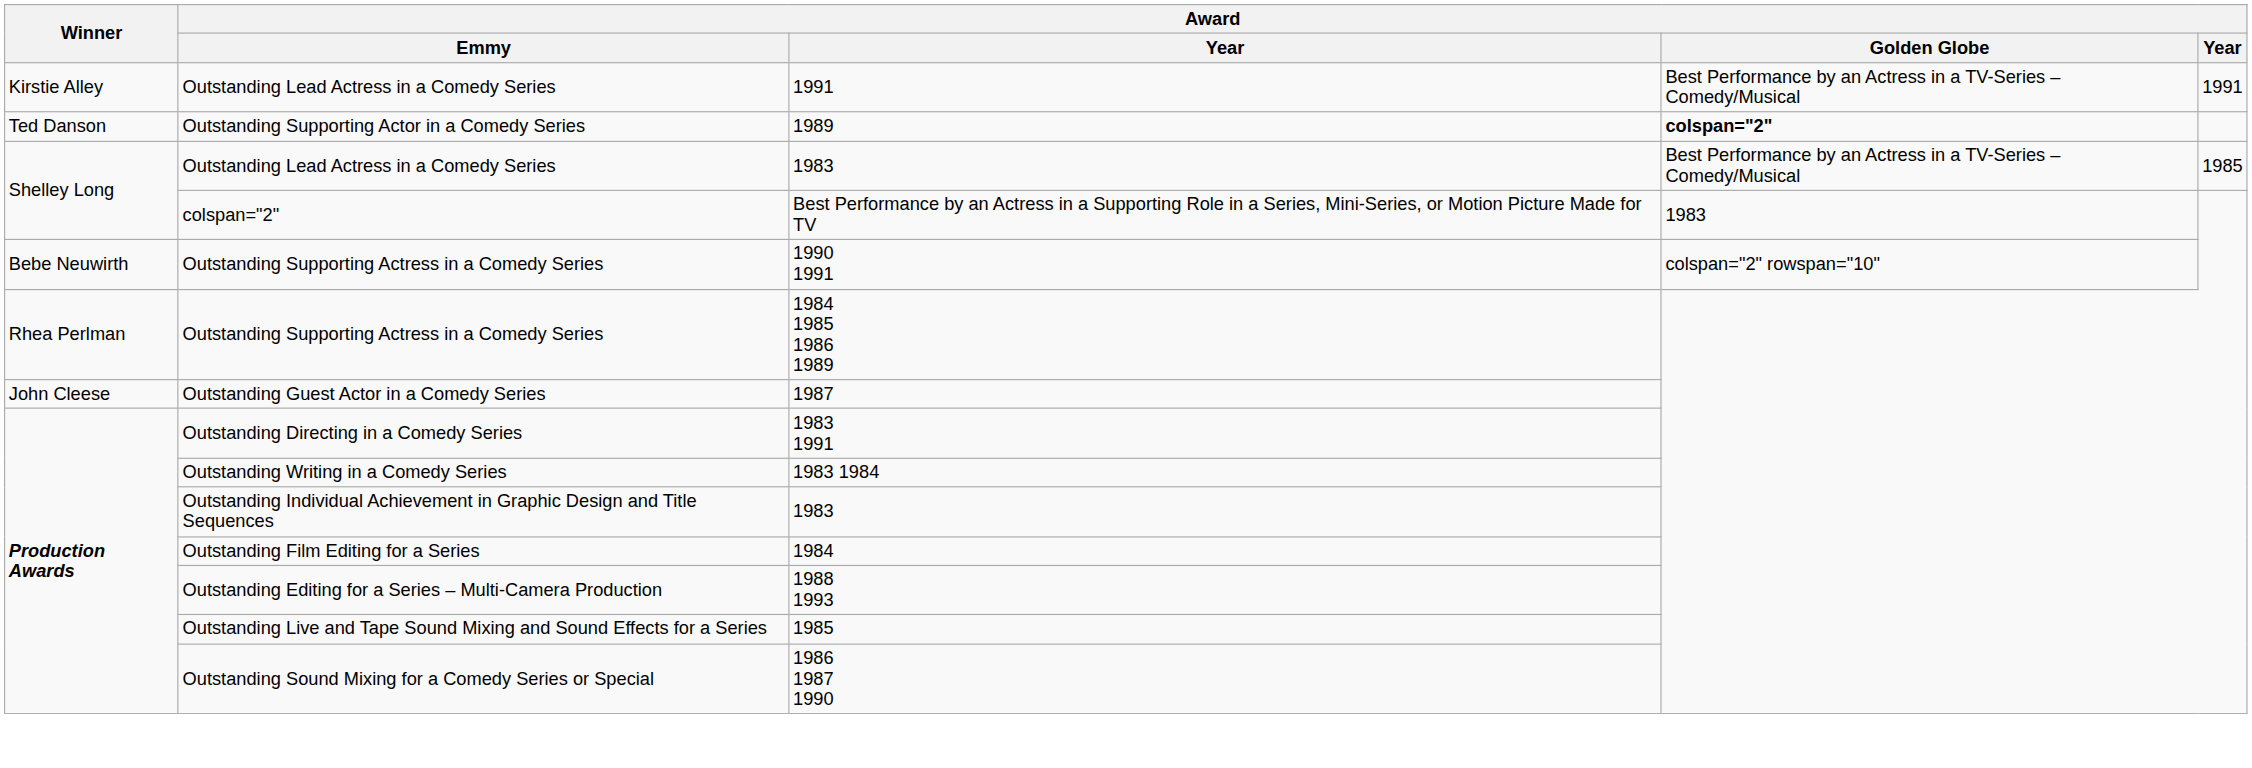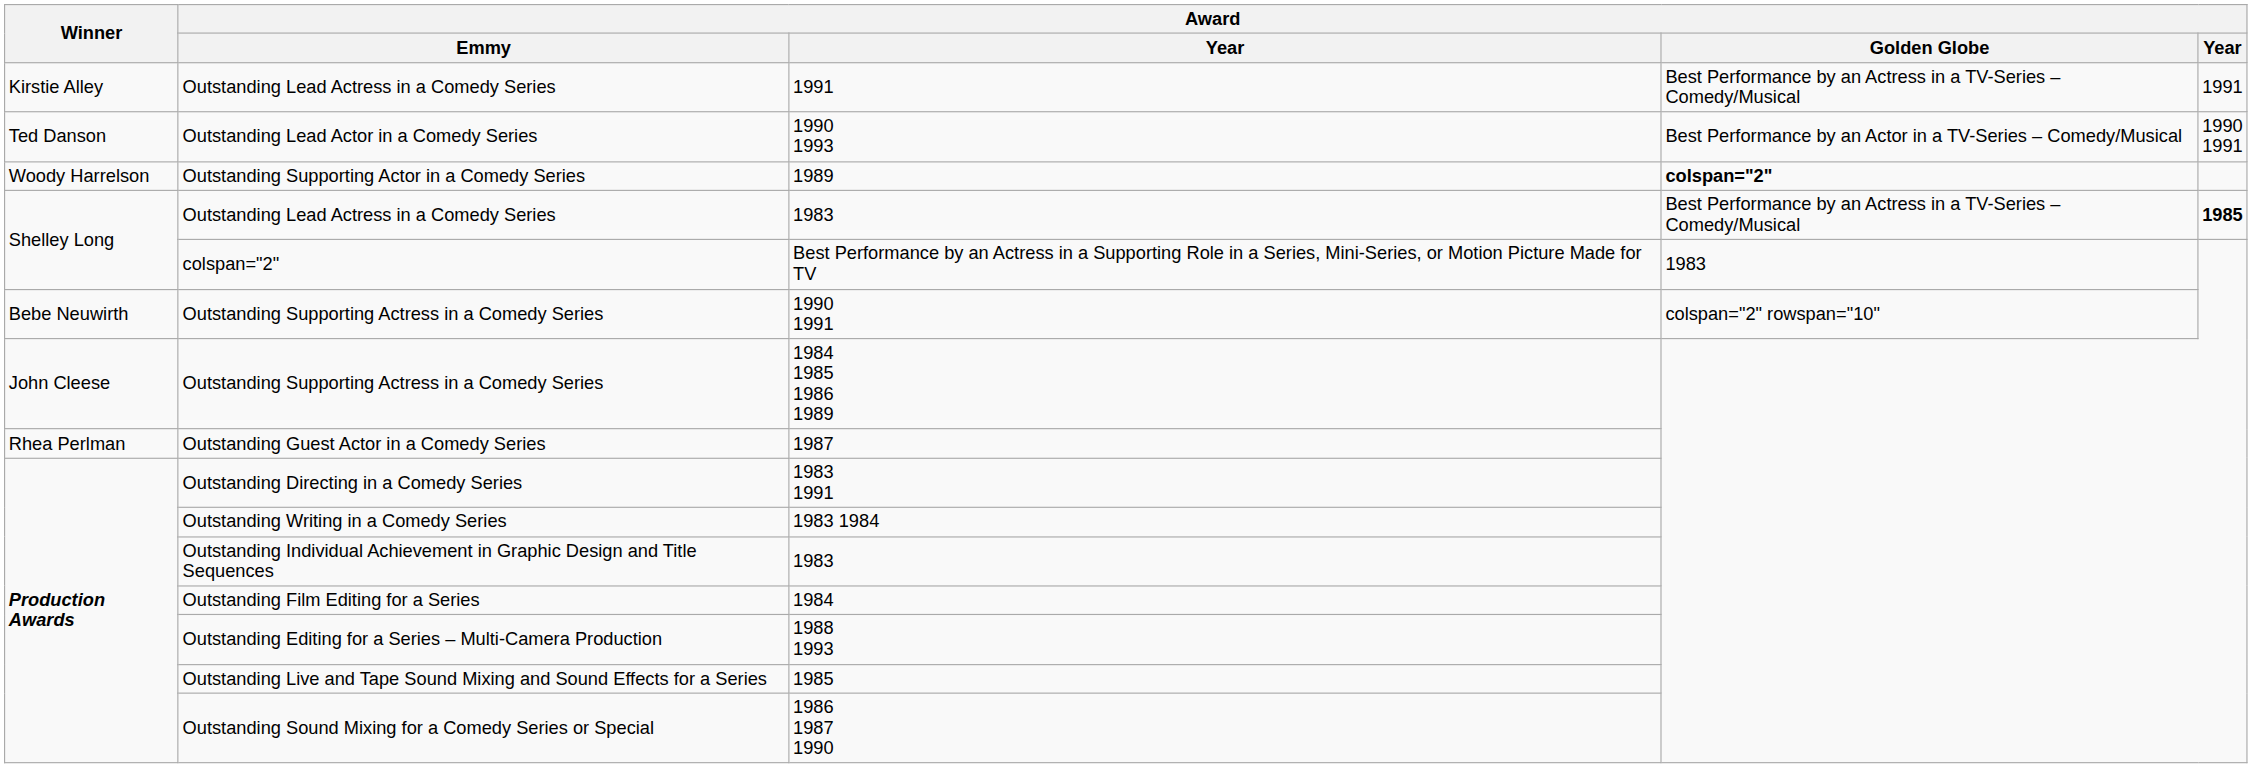 <table class="wikitable">
 <tr>
 <th rowspan="2">Winner</th>
 <th colspan="4">Award</th>
 </tr>
 <tr>
 <th>Emmy</th>
 <th>Year</th>
 <th>Golden Globe</th>
 <th>Year</th>
 </tr>
 <tr>
 <td>Kirstie Alley</td>
 <td>Outstanding Lead Actress in a Comedy Series</td>
 <td>1991</td>
 <td>Best Performance by an Actress in a TV-Series – Comedy/Musical</td>
 <td>1991</td>
 </tr>
 <tr>
 <td>Ted Danson</td>
+<td>Outstanding Lead Actor in a Comedy Series</td>
+<td>1990 <br> 1993</td>
+<td>Best Performance by an Actor in a TV-Series – Comedy/Musical</td>
+<td>1990 <br> 1991</td>
+</tr>
+<tr>
+<td>Woody Harrelson</td>
 <td>Outstanding Supporting Actor in a Comedy Series</td>
 <td>1989</td>
 <td><strong>colspan="2" </strong></td>
 </tr>
 <tr>
 <td rowspan="2">Shelley Long</td>
 <td>Outstanding Lead Actress in a Comedy Series</td>
 <td>1983</td>
 <td>Best Performance by an Actress in a TV-Series – Comedy/Musical</td>
-<td>1985</td>
+<td><strong>1985</strong></td>
 </tr>
 <tr>
 <td>colspan="2" </td>
 <td>Best Performance by an Actress in a Supporting Role in a Series, Mini-Series, or Motion Picture Made for TV</td>
 <td>1983</td>
 </tr>
 <tr>
 <td>Bebe Neuwirth</td>
 <td>Outstanding Supporting Actress in a Comedy Series</td>
 <td>1990 <br> 1991</td>
 <td>colspan="2" rowspan="10" </td>
 </tr>
 <tr>
-<td>Rhea Perlman</td>
+<td>John Cleese</td>
 <td>Outstanding Supporting Actress in a Comedy Series</td>
 <td>1984 <br> 1985 <br> 1986 <br> 1989</td>
 </tr>
 <tr>
-<td>John Cleese</td>
+<td>Rhea Perlman</td>
 <td>Outstanding Guest Actor in a Comedy Series</td>
 <td>1987</td>
 </tr>
 <tr>
 <td rowspan="7"><strong><em>Production Awards</em></strong></td>
 <td>Outstanding Directing in a Comedy Series</td>
 <td>1983 <br> 1991</td>
 </tr>
 <tr>
 <td>Outstanding Writing in a Comedy Series</td>
 <td>1983 1984</td>
 </tr>
 <tr>
 <td>Outstanding Individual Achievement in Graphic Design and Title Sequences</td>
 <td>1983</td>
 </tr>
 <tr>
 <td>Outstanding Film Editing for a Series</td>
 <td>1984</td>
 </tr>
 <tr>
 <td>Outstanding Editing for a Series – Multi-Camera Production</td>
 <td>1988 <br> 1993</td>
 </tr>
 <tr>
 <td>Outstanding Live and Tape Sound Mixing and Sound Effects for a Series</td>
 <td>1985</td>
 </tr>
 <tr>
 <td>Outstanding Sound Mixing for a Comedy Series or Special</td>
 <td>1986 <br> 1987 <br> 1990</td>
 </tr>
 </table>
